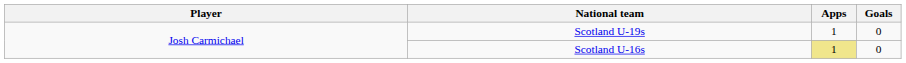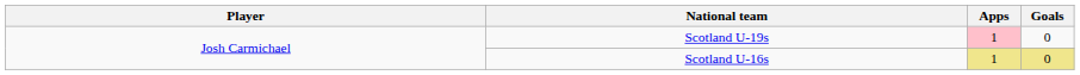 <table class="wikitable" style="text-align:center" width=100%>
 <tr>
 <th width=45%>Player</th>
 <th width=45%>National team</th>
 <th width=5%>Apps</th>
 <th width=5%>Goals</th>
 </tr>
 <tr>
 <td rowspan="2"> <a href='#'>Josh Carmichael</a></td>
 <td><a href='#'>Scotland U-19s</a></td>
-<td>1</td>
+<td style="background: pink;">1</td>
 <td>0</td>
 </tr>
 <tr>
 <td><a href='#'>Scotland U-16s</a></td>
 <td style="background: khaki;">1</td>
-<td>0</td>
+<td style="background: khaki;">0</td>
 </tr>
 </table>
